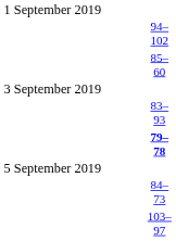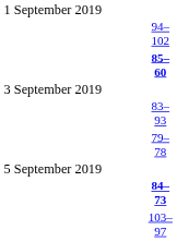 <table style="width:100%;" cellspacing="1">
 <tr>
 <th width=25%></th>
 <th width=2%></th>
 <th width=6%></th>
 <th width=2%></th>
 <th width=25%></th>
 </tr>
 <tr>
 <td>1 September 2019</td>
 </tr>
 <tr style=font-size:90%>
 <td align=right></td>
 <td></td>
 <td align=center><a href='#'>94–102</a></td>
 <td></td>
 <td></td>
 <td></td>
 </tr>
 <tr style=font-size:90%>
 <td align=right></td>
 <td></td>
-<td align=center><a href='#'>85–60</a></td>
+<td align=center><strong><a href='#'>85–60</a></strong></td>
 <td></td>
 <td></td>
 <td></td>
 </tr>
 <tr>
 <td>3 September 2019</td>
 </tr>
 <tr style=font-size:90%>
 <td align=right></td>
 <td></td>
 <td align=center><a href='#'>83–93</a></td>
 <td></td>
 <td></td>
 <td></td>
 </tr>
 <tr style=font-size:90%>
 <td align=right></td>
 <td></td>
-<td align=center><strong><a href='#'>79–78</a></strong></td>
+<td align=center><a href='#'>79–78</a></td>
 <td></td>
 <td></td>
 <td></td>
 </tr>
 <tr>
 <td>5 September 2019</td>
 </tr>
 <tr style=font-size:90%>
 <td align=right></td>
 <td></td>
-<td align=center><a href='#'>84–73</a></td>
+<td align=center><strong><a href='#'>84–73</a></strong></td>
 <td></td>
 <td></td>
 <td></td>
 </tr>
 <tr style=font-size:90%>
 <td align=right></td>
 <td></td>
 <td align=center><a href='#'>103–97</a></td>
 <td></td>
 <td></td>
 <td></td>
 </tr>
 </table>
